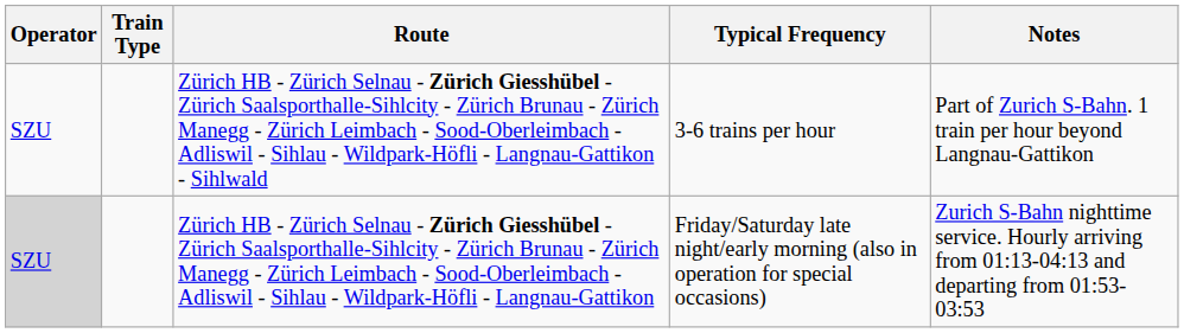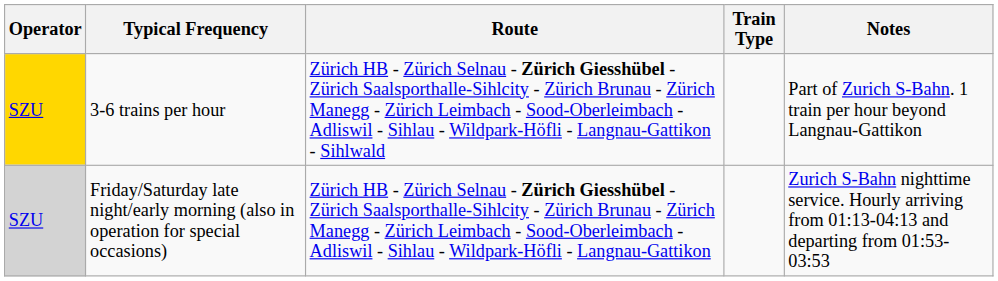 <table class="wikitable vatop">
 <tr>
 <th>Operator</th>
+<th>Typical Frequency</th>
+<th>Route</th>
 <th>Train Type</th>
-<th>Route</th>
-<th>Typical Frequency</th>
 <th>Notes</th>
 </tr>
 <tr>
-<td><a href='#'>SZU</a></td>
+<td style="background: gold;"><a href='#'>SZU</a></td>
+<td>3-6 trains per hour</td>
+<td><a href='#'>Zürich HB</a> - <a href='#'>Zürich Selnau</a> - <strong>Zürich Giesshübel</strong> - <a href='#'>Zürich Saalsporthalle-Sihlcity</a> - <a href='#'>Zürich Brunau</a> - <a href='#'>Zürich Manegg</a> - <a href='#'>Zürich Leimbach</a> - <a href='#'>Sood-Oberleimbach</a> - <a href='#'>Adliswil</a> - <a href='#'>Sihlau</a> - <a href='#'>Wildpark-Höfli</a> - <a href='#'>Langnau-Gattikon</a> - <a href='#'>Sihlwald</a></td>
 <td></td>
-<td><a href='#'>Zürich HB</a> - <a href='#'>Zürich Selnau</a> - <strong>Zürich Giesshübel</strong> - <a href='#'>Zürich Saalsporthalle-Sihlcity</a> - <a href='#'>Zürich Brunau</a> - <a href='#'>Zürich Manegg</a> - <a href='#'>Zürich Leimbach</a> - <a href='#'>Sood-Oberleimbach</a> - <a href='#'>Adliswil</a> - <a href='#'>Sihlau</a> - <a href='#'>Wildpark-Höfli</a> - <a href='#'>Langnau-Gattikon</a> - <a href='#'>Sihlwald</a></td>
-<td>3-6 trains per hour</td>
 <td>Part of <a href='#'>Zurich S-Bahn</a>. 1 train per hour beyond Langnau-Gattikon</td>
 </tr>
 <tr>
 <td style="background: lightgrey;"><a href='#'>SZU</a></td>
+<td>Friday/Saturday late night/early morning (also in operation for special occasions)</td>
+<td><a href='#'>Zürich HB</a> - <a href='#'>Zürich Selnau</a> - <strong>Zürich Giesshübel</strong> - <a href='#'>Zürich Saalsporthalle-Sihlcity</a> - <a href='#'>Zürich Brunau</a> - <a href='#'>Zürich Manegg</a> - <a href='#'>Zürich Leimbach</a> - <a href='#'>Sood-Oberleimbach</a> - <a href='#'>Adliswil</a> - <a href='#'>Sihlau</a> - <a href='#'>Wildpark-Höfli</a> - <a href='#'>Langnau-Gattikon</a></td>
 <td><br></td>
-<td><a href='#'>Zürich HB</a> - <a href='#'>Zürich Selnau</a> - <strong>Zürich Giesshübel</strong> - <a href='#'>Zürich Saalsporthalle-Sihlcity</a> - <a href='#'>Zürich Brunau</a> - <a href='#'>Zürich Manegg</a> - <a href='#'>Zürich Leimbach</a> - <a href='#'>Sood-Oberleimbach</a> - <a href='#'>Adliswil</a> - <a href='#'>Sihlau</a> - <a href='#'>Wildpark-Höfli</a> - <a href='#'>Langnau-Gattikon</a></td>
-<td>Friday/Saturday late night/early morning (also in operation for special occasions)</td>
 <td><a href='#'>Zurich S-Bahn</a> nighttime service. Hourly arriving from 01:13-04:13 and departing from 01:53-03:53</td>
 </tr>
 </table>
